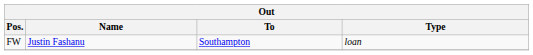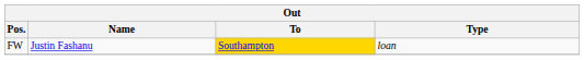 <table class="wikitable" style="font-size:100%;width:99%;">
 <tr>
 <th colspan="4">Out</th>
 </tr>
 <tr>
 <th width=3%>Pos.</th>
 <th width=33%>Name</th>
 <th width=28%>To</th>
 <th width=36%>Type</th>
 </tr>
 <tr>
 <td>FW</td>
 <td><a href='#'>Justin Fashanu</a></td>
-<td><a href='#'>Southampton</a></td>
+<td style="background: gold;"><a href='#'>Southampton</a></td>
 <td><em>loan</em></td>
 </tr>
 <tr>
 </tr>
 </table>
